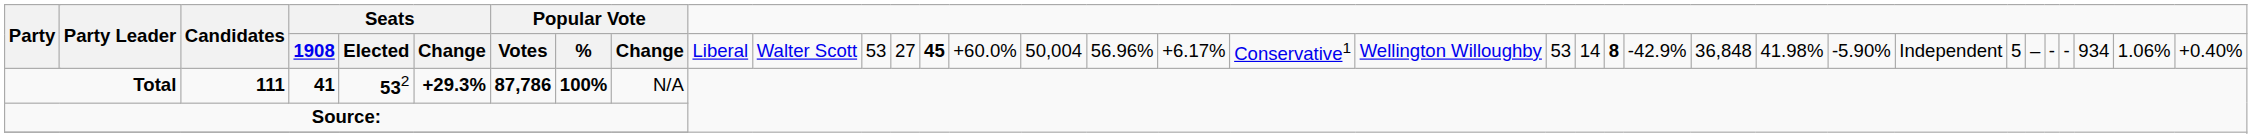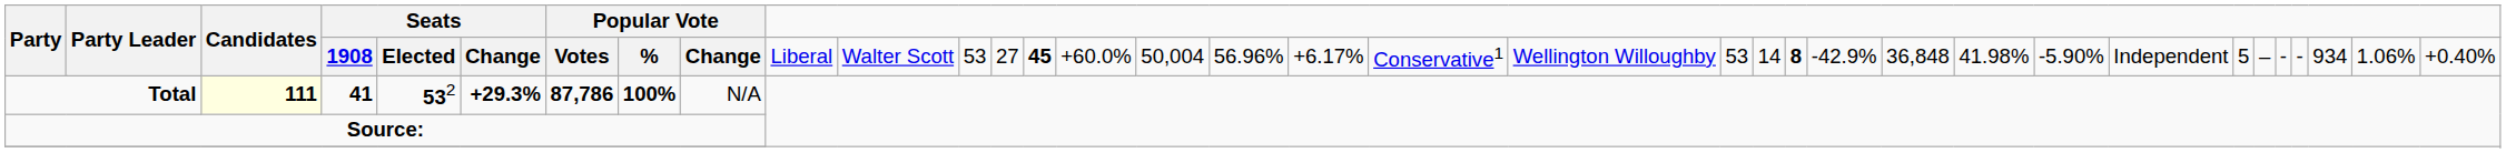 <table class="wikitable">
 <tr>
 <th rowspan=2 colspan=2>Party</th>
 <th rowspan=2>Party Leader</th>
 <th rowspan=2>Candidates</th>
 <th colspan=3>Seats</th>
 <th colspan=3>Popular Vote</th>
 </tr>
 <tr>
 <th><a href='#'>1908</a></th>
 <th>Elected</th>
 <th>Change</th>
 <th>Votes</th>
 <th>%</th>
 <th>Change<br></th>
 <td><a href='#'>Liberal</a></td>
 <td align="center"><a href='#'>Walter Scott</a></td>
 <td align="right">53</td>
 <td align="right">27</td>
 <td align="right"><strong>45</strong></td>
 <td align="right">+60.0%</td>
 <td align="right">50,004</td>
 <td align="right">56.96%</td>
 <td align="right">+6.17%<br></td>
 <td><a href='#'>Conservative</a><sup>1</sup></td>
 <td align="center"><a href='#'>Wellington Willoughby</a></td>
 <td align="right">53</td>
 <td align="right">14</td>
 <td align="right"><strong>8</strong></td>
 <td align="right">-42.9%</td>
 <td align="right">36,848</td>
 <td align="right">41.98%</td>
 <td align="right">-5.90%<br></td>
 <td colspan=2>Independent</td>
 <td align="right">5</td>
 <td align="right">–</td>
 <td align="right">-</td>
 <td align="right">-</td>
 <td align="right">934</td>
 <td align="right">1.06%</td>
 <td align="right">+0.40%</td>
 </tr>
 <tr>
 <td colspan=3 align="right"><strong>Total</strong></td>
-<td align="right"><strong>111</strong></td>
+<td align="right" style="background: lightyellow;"><strong>111</strong></td>
 <td align="right"><strong>41</strong></td>
 <td align="right"><strong>53</strong><sup>2</sup></td>
 <td align="right"><strong>+29.3%</strong></td>
 <td align="right"><strong>87,786</strong></td>
 <td align="right"><strong>100%</strong></td>
 <td align="right">N/A</td>
 </tr>
 <tr>
 <td align="center" colspan=10><strong>Source:</strong> </td>
 </tr>
 <tr>
 </tr>
 </table>
